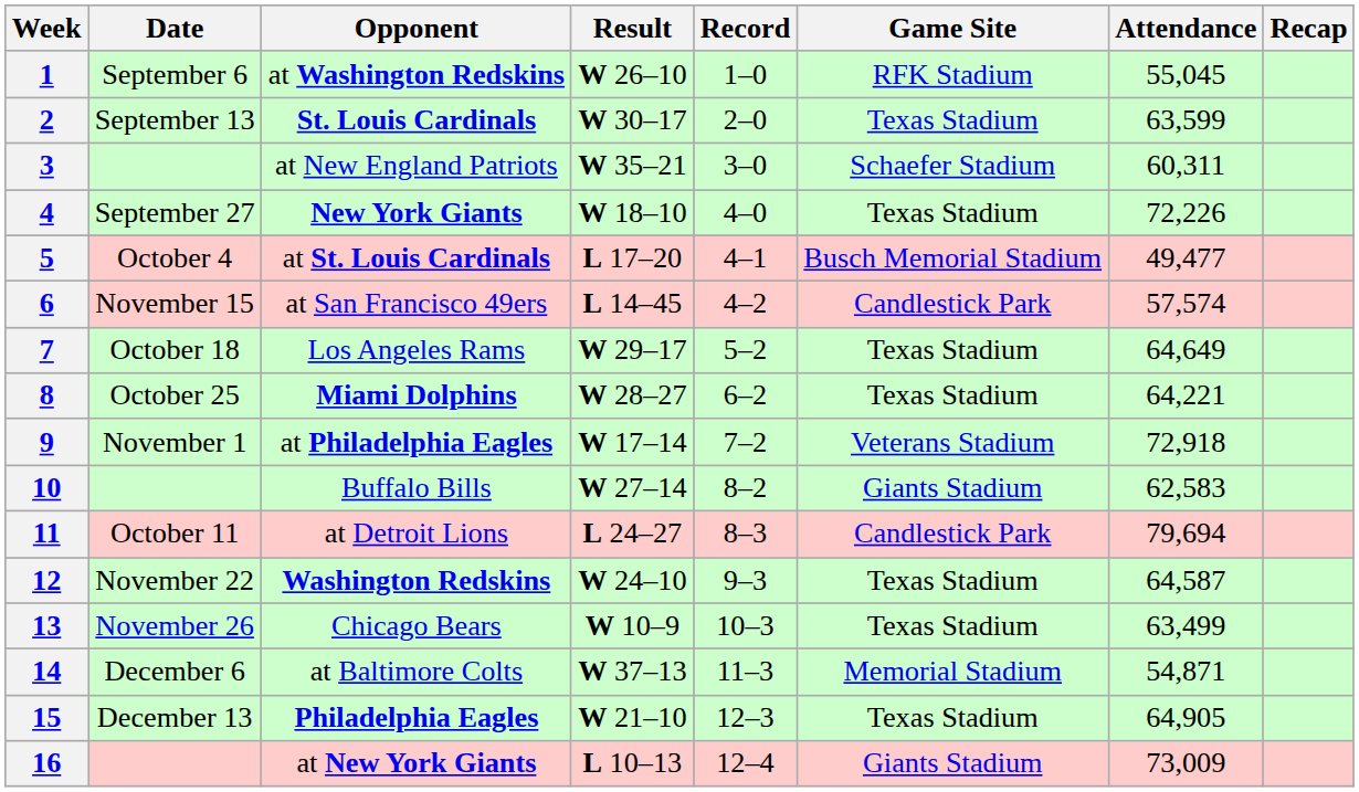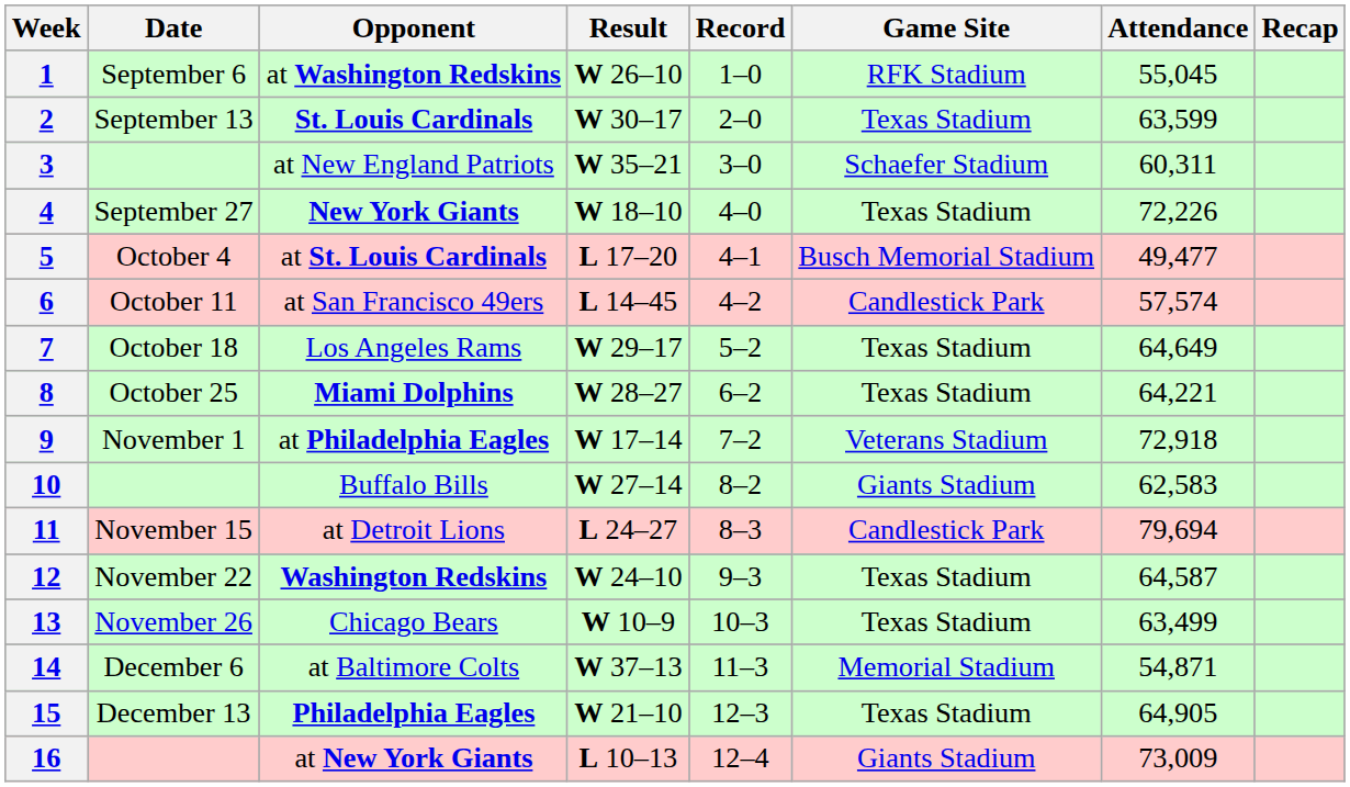 <table class="wikitable" style="text-align:center">
 <tr>
 <th>Week</th>
 <th>Date</th>
 <th>Opponent</th>
 <th>Result</th>
 <th>Record</th>
 <th>Game Site</th>
 <th>Attendance</th>
 <th>Recap</th>
 </tr>
 <tr style="background: #cfc">
 <th><a href='#'>1</a></th>
 <td>September 6</td>
 <td>at <strong><a href='#'>Washington Redskins</a></strong></td>
 <td><strong>W</strong> 26–10</td>
 <td>1–0</td>
 <td><a href='#'>RFK Stadium</a></td>
 <td>55,045</td>
 <td></td>
 </tr>
 <tr style="background: #cfc">
 <th><a href='#'>2</a></th>
 <td>September 13</td>
 <td><strong><a href='#'>St. Louis Cardinals</a></strong></td>
 <td><strong>W</strong> 30–17</td>
 <td>2–0</td>
 <td><a href='#'>Texas Stadium</a></td>
 <td>63,599</td>
 <td></td>
 </tr>
 <tr style="background: #cfc">
 <th><a href='#'>3</a></th>
 <td></td>
 <td>at <a href='#'>New England Patriots</a></td>
 <td><strong>W</strong> 35–21</td>
 <td>3–0</td>
 <td><a href='#'>Schaefer Stadium</a></td>
 <td>60,311</td>
 <td></td>
 </tr>
 <tr style="background: #cfc">
 <th><a href='#'>4</a></th>
 <td>September 27</td>
 <td><strong><a href='#'>New York Giants</a></strong></td>
 <td><strong>W</strong> 18–10</td>
 <td>4–0</td>
 <td>Texas Stadium</td>
 <td>72,226</td>
 <td></td>
 </tr>
 <tr style="background: #fcc">
 <th><a href='#'>5</a></th>
 <td>October 4</td>
 <td>at <strong><a href='#'>St. Louis Cardinals</a></strong></td>
 <td><strong>L</strong> 17–20</td>
 <td>4–1</td>
 <td><a href='#'>Busch Memorial Stadium</a></td>
 <td>49,477</td>
 <td></td>
 </tr>
 <tr style="background: #fcc">
 <th><a href='#'>6</a></th>
-<td>November 15</td>
+<td>October 11</td>
 <td>at <a href='#'>San Francisco 49ers</a></td>
 <td><strong>L</strong> 14–45</td>
 <td>4–2</td>
 <td><a href='#'>Candlestick Park</a></td>
 <td>57,574</td>
 <td></td>
 </tr>
 <tr style="background: #cfc">
 <th><a href='#'>7</a></th>
 <td>October 18</td>
 <td><a href='#'>Los Angeles Rams</a></td>
 <td><strong>W</strong> 29–17</td>
 <td>5–2</td>
 <td>Texas Stadium</td>
 <td>64,649</td>
 <td></td>
 </tr>
 <tr style="background: #cfc">
 <th><a href='#'>8</a></th>
 <td>October 25</td>
 <td><strong><a href='#'>Miami Dolphins</a></strong></td>
 <td><strong>W</strong> 28–27</td>
 <td>6–2</td>
 <td>Texas Stadium</td>
 <td>64,221</td>
 <td></td>
 </tr>
 <tr style="background: #cfc">
 <th><a href='#'>9</a></th>
 <td>November 1</td>
 <td>at <strong><a href='#'>Philadelphia Eagles</a></strong></td>
 <td><strong>W</strong> 17–14</td>
 <td>7–2</td>
 <td><a href='#'>Veterans Stadium</a></td>
 <td>72,918</td>
 <td></td>
 </tr>
 <tr style="background: #cfc">
 <th><a href='#'>10</a></th>
 <td></td>
 <td><a href='#'>Buffalo Bills</a></td>
 <td><strong>W</strong> 27–14</td>
 <td>8–2</td>
 <td><a href='#'>Giants Stadium</a></td>
 <td>62,583</td>
 <td></td>
 </tr>
 <tr style="background: #fcc">
 <th><a href='#'>11</a></th>
-<td>October 11</td>
+<td>November 15</td>
 <td>at <a href='#'>Detroit Lions</a></td>
 <td><strong>L</strong> 24–27</td>
 <td>8–3</td>
 <td><a href='#'>Candlestick Park</a></td>
 <td>79,694</td>
 <td></td>
 </tr>
 <tr style="background: #cfc">
 <th><a href='#'>12</a></th>
 <td>November 22</td>
 <td><strong><a href='#'>Washington Redskins</a></strong></td>
 <td><strong>W</strong> 24–10</td>
 <td>9–3</td>
 <td>Texas Stadium</td>
 <td>64,587</td>
 <td></td>
 </tr>
 <tr style="background: #cfc">
 <th><a href='#'>13</a></th>
 <td><a href='#'>November 26</a></td>
 <td><a href='#'>Chicago Bears</a></td>
 <td><strong>W</strong> 10–9</td>
 <td>10–3</td>
 <td>Texas Stadium</td>
 <td>63,499</td>
 <td></td>
 </tr>
 <tr style="background: #cfc">
 <th><a href='#'>14</a></th>
 <td>December 6</td>
 <td>at <a href='#'>Baltimore Colts</a></td>
 <td><strong>W</strong> 37–13</td>
 <td>11–3</td>
 <td><a href='#'>Memorial Stadium</a></td>
 <td>54,871</td>
 <td></td>
 </tr>
 <tr style="background: #cfc">
 <th><a href='#'>15</a></th>
 <td>December 13</td>
 <td><strong><a href='#'>Philadelphia Eagles</a></strong></td>
 <td><strong>W</strong> 21–10</td>
 <td>12–3</td>
 <td>Texas Stadium</td>
 <td>64,905</td>
 <td></td>
 </tr>
 <tr style="background: #fcc">
 <th><a href='#'>16</a></th>
 <td></td>
 <td>at <strong><a href='#'>New York Giants</a></strong></td>
 <td><strong>L</strong> 10–13 </td>
 <td>12–4</td>
 <td><a href='#'>Giants Stadium</a></td>
 <td>73,009</td>
 <td></td>
 </tr>
 </table>
